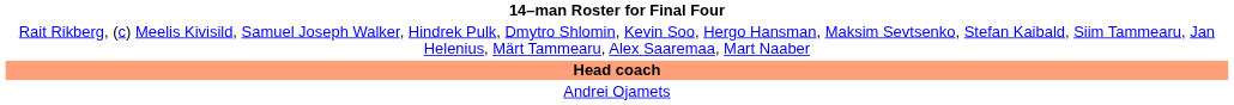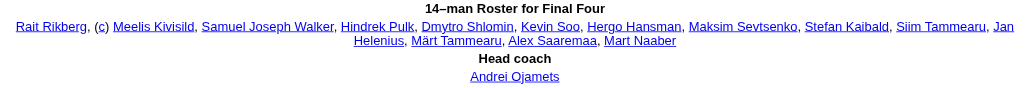 <table style="text-align: center; margin-top: 2em; margin-left: auto; margin-right: auto">
 <tr>
 <td><strong>14–man Roster for Final Four</strong></td>
 </tr>
 <tr>
 <td><a href='#'>Rait Rikberg</a>, (<a href='#'>c</a>) <a href='#'>Meelis Kivisild</a>, <a href='#'>Samuel Joseph Walker</a>, <a href='#'>Hindrek Pulk</a>, <a href='#'>Dmytro Shlomin</a>, <a href='#'>Kevin Soo</a>, <a href='#'>Hergo Hansman</a>, <a href='#'>Maksim Sevtsenko</a>, <a href='#'>Stefan Kaibald</a>, <a href='#'>Siim Tammearu</a>, <a href='#'>Jan Helenius</a>, <a href='#'>Märt Tammearu</a>, <a href='#'>Alex Saaremaa</a>, <a href='#'>Mart Naaber</a></td>
 </tr>
 <tr>
-<td style="background: lightsalmon;"><strong>Head coach</strong></td>
+<td><strong>Head coach</strong></td>
 </tr>
 <tr>
 <td><a href='#'>Andrei Ojamets</a></td>
 </tr>
 </table>
